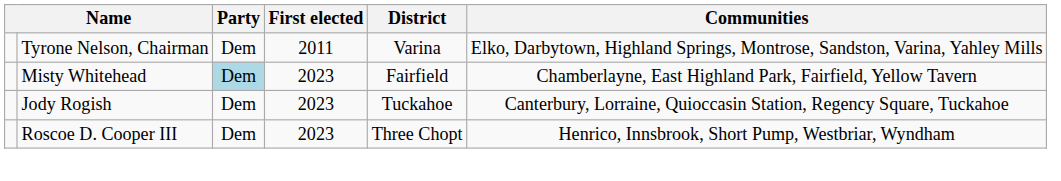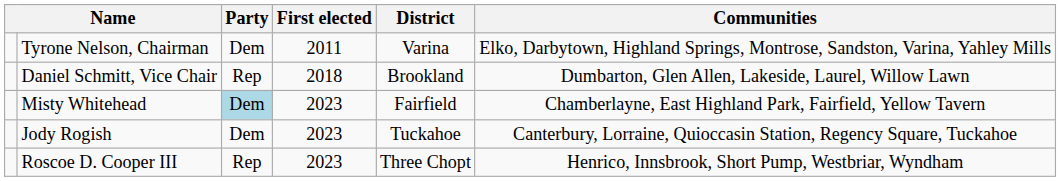 <table class=wikitable>
 <tr>
 <th colspan=2 align=center>Name</th>
 <th align=center valign=bottom>Party</th>
 <th valign=bottom align=center>First elected</th>
 <th valign=bottom align=center>District</th>
 <th valign=bottom align=center>Communities</th>
 </tr>
 <tr>
 <td style="background-color:"> </td>
 <td>Tyrone Nelson, Chairman</td>
 <td style="text-align:center;">Dem</td>
 <td style="text-align:center;">2011</td>
 <td style="text-align:center;">Varina</td>
 <td style="text-align:center;">Elko, Darbytown, Highland Springs, Montrose, Sandston, Varina, Yahley Mills</td>
+</tr>
+<tr>
+<td style="background-color:"> </td>
+<td>Daniel Schmitt, Vice Chair</td>
+<td style="text-align:center;">Rep</td>
+<td style="text-align:center;">2018</td>
+<td style="text-align:center;">Brookland</td>
+<td style="text-align:center;">Dumbarton, Glen Allen, Lakeside, Laurel, Willow Lawn</td>
 </tr>
 <tr>
 <td style="background-color:"> </td>
 <td>Misty Whitehead</td>
 <td style="background: lightblue; text-align:center;">Dem</td>
 <td style="text-align:center;">2023</td>
 <td style="text-align:center;">Fairfield</td>
 <td style="text-align:center;">Chamberlayne, East Highland Park, Fairfield, Yellow Tavern</td>
 </tr>
 <tr>
 <td style="background-color:"> </td>
 <td>Jody Rogish</td>
 <td style="text-align:center;">Dem</td>
 <td style="text-align:center;">2023</td>
 <td style="text-align:center;">Tuckahoe</td>
 <td style="text-align:center;">Canterbury, Lorraine, Quioccasin Station, Regency Square, Tuckahoe</td>
 </tr>
 <tr>
 <td style="background-color:"> </td>
 <td>Roscoe D. Cooper III</td>
-<td style="text-align:center;">Dem</td>
+<td style="text-align:center;">Rep</td>
 <td style="text-align:center;">2023</td>
 <td style="text-align:center;">Three Chopt</td>
 <td style="text-align:center;">Henrico, Innsbrook, Short Pump, Westbriar, Wyndham</td>
 </tr>
 </table>
